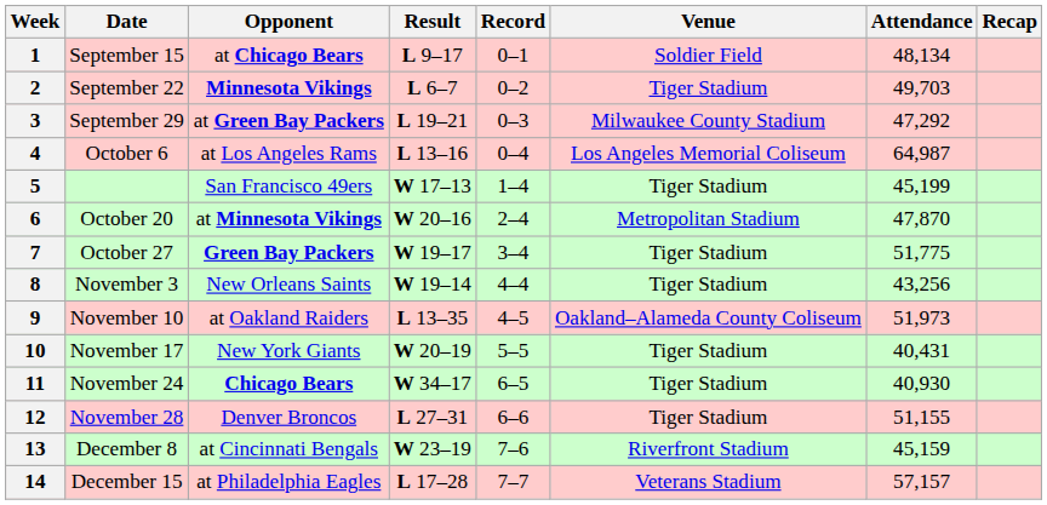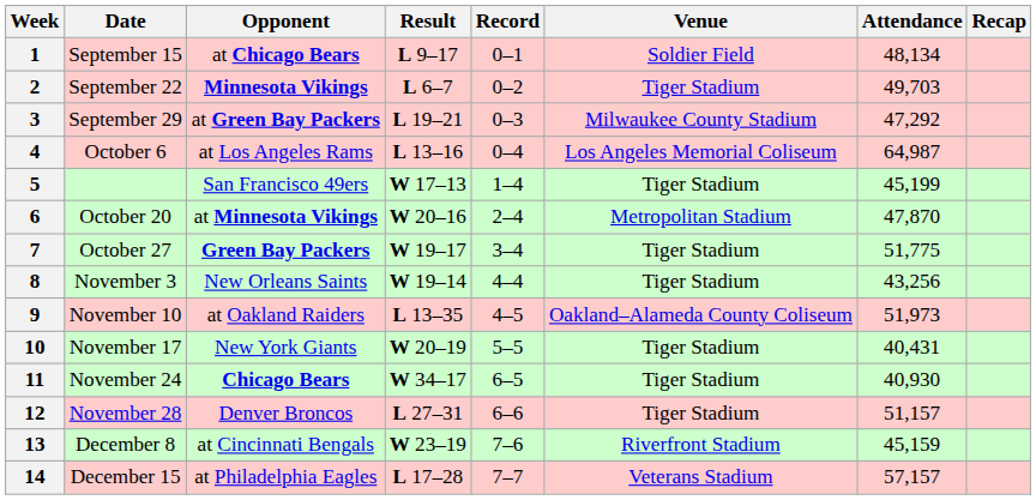 <table class="wikitable" style="text-align:center">
 <tr>
 <th>Week</th>
 <th>Date</th>
 <th>Opponent</th>
 <th>Result</th>
 <th>Record</th>
 <th>Venue</th>
 <th>Attendance</th>
 <th>Recap</th>
 </tr>
 <tr style="background:#fcc">
 <th>1</th>
 <td>September 15</td>
 <td>at <strong><a href='#'>Chicago Bears</a></strong></td>
 <td><strong>L</strong> 9–17</td>
 <td>0–1</td>
 <td><a href='#'>Soldier Field</a></td>
 <td>48,134</td>
 <td></td>
 </tr>
 <tr style="background:#fcc">
 <th>2</th>
 <td>September 22</td>
 <td><strong><a href='#'>Minnesota Vikings</a></strong></td>
 <td><strong>L</strong> 6–7</td>
 <td>0–2</td>
 <td><a href='#'>Tiger Stadium</a></td>
 <td>49,703</td>
 <td></td>
 </tr>
 <tr style="background:#fcc">
 <th>3</th>
 <td>September 29</td>
 <td>at <strong><a href='#'>Green Bay Packers</a></strong></td>
 <td><strong>L</strong> 19–21</td>
 <td>0–3</td>
 <td><a href='#'>Milwaukee County Stadium</a></td>
 <td>47,292</td>
 <td></td>
 </tr>
 <tr style="background:#fcc">
 <th>4</th>
 <td>October 6</td>
 <td>at <a href='#'>Los Angeles Rams</a></td>
 <td><strong>L</strong> 13–16</td>
 <td>0–4</td>
 <td><a href='#'>Los Angeles Memorial Coliseum</a></td>
 <td>64,987</td>
 <td></td>
 </tr>
 <tr style="background:#cfc">
 <th>5</th>
 <td></td>
 <td><a href='#'>San Francisco 49ers</a></td>
 <td><strong>W</strong> 17–13</td>
 <td>1–4</td>
 <td>Tiger Stadium</td>
 <td>45,199</td>
 <td></td>
 </tr>
 <tr style="background:#cfc">
 <th>6</th>
 <td>October 20</td>
 <td>at <strong><a href='#'>Minnesota Vikings</a></strong></td>
 <td><strong>W</strong> 20–16</td>
 <td>2–4</td>
 <td><a href='#'>Metropolitan Stadium</a></td>
 <td>47,870</td>
 <td></td>
 </tr>
 <tr style="background:#cfc">
 <th>7</th>
 <td>October 27</td>
 <td><strong><a href='#'>Green Bay Packers</a></strong></td>
 <td><strong>W</strong> 19–17</td>
 <td>3–4</td>
 <td>Tiger Stadium</td>
 <td>51,775</td>
 <td></td>
 </tr>
 <tr style="background:#cfc">
 <th>8</th>
 <td>November 3</td>
 <td><a href='#'>New Orleans Saints</a></td>
 <td><strong>W</strong> 19–14</td>
 <td>4–4</td>
 <td>Tiger Stadium</td>
 <td>43,256</td>
 <td></td>
 </tr>
 <tr style="background:#fcc">
 <th>9</th>
 <td>November 10</td>
 <td>at <a href='#'>Oakland Raiders</a></td>
 <td><strong>L</strong> 13–35</td>
 <td>4–5</td>
 <td><a href='#'>Oakland–Alameda County Coliseum</a></td>
 <td>51,973</td>
 <td></td>
 </tr>
 <tr style="background:#cfc">
 <th>10</th>
 <td>November 17</td>
 <td><a href='#'>New York Giants</a></td>
 <td><strong>W</strong> 20–19</td>
 <td>5–5</td>
 <td>Tiger Stadium</td>
 <td>40,431</td>
 <td></td>
 </tr>
 <tr style="background:#cfc">
 <th>11</th>
 <td>November 24</td>
 <td><strong><a href='#'>Chicago Bears</a></strong></td>
 <td><strong>W</strong> 34–17</td>
 <td>6–5</td>
 <td>Tiger Stadium</td>
 <td>40,930</td>
 <td></td>
 </tr>
 <tr style="background:#fcc">
 <th>12</th>
 <td><a href='#'>November 28</a></td>
 <td><a href='#'>Denver Broncos</a></td>
 <td><strong>L</strong> 27–31</td>
 <td>6–6</td>
 <td>Tiger Stadium</td>
-<td>51,155</td>
+<td>51,157</td>
 <td></td>
 </tr>
 <tr style="background:#cfc">
 <th>13</th>
 <td>December 8</td>
 <td>at <a href='#'>Cincinnati Bengals</a></td>
 <td><strong>W</strong> 23–19</td>
 <td>7–6</td>
 <td><a href='#'>Riverfront Stadium</a></td>
 <td>45,159</td>
 <td></td>
 </tr>
 <tr style="background:#fcc">
 <th>14</th>
 <td>December 15</td>
 <td>at <a href='#'>Philadelphia Eagles</a></td>
 <td><strong>L</strong> 17–28</td>
 <td>7–7</td>
 <td><a href='#'>Veterans Stadium</a></td>
 <td>57,157</td>
 <td></td>
 </tr>
 </table>
